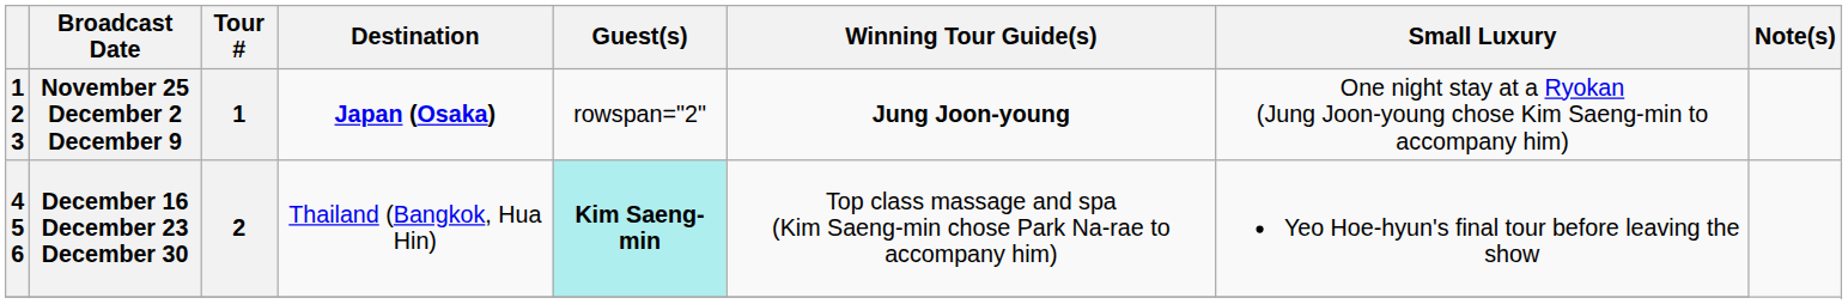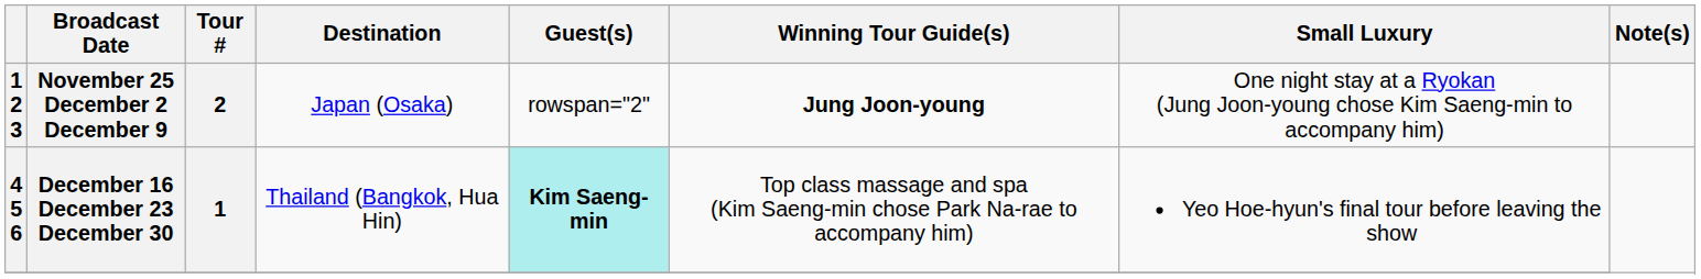 <table Class ="wikitable" style="text-align:center">
 <tr>
 <th></th>
 <th>Broadcast Date</th>
 <th>Tour #</th>
 <th>Destination</th>
 <th>Guest(s)</th>
 <th>Winning Tour Guide(s)</th>
 <th>Small Luxury</th>
 <th>Note(s)</th>
 </tr>
 <tr>
 <th>1<br>2<br>3</th>
 <th>November 25<br>December 2<br>December 9</th>
-<th>1</th>
-<td><strong><a href='#'>Japan</a> (<a href='#'>Osaka</a>)</strong></td>
+<th>2</th>
+<td><a href='#'>Japan</a> (<a href='#'>Osaka</a>)</td>
 <td>rowspan="2" </td>
 <td><strong>Jung Joon-young</strong></td>
 <td>One night stay at a <a href='#'>Ryokan</a><br>(Jung Joon-young chose Kim Saeng-min to accompany him)</td>
 <td></td>
 </tr>
 <tr>
 <th>4<br>5<br>6</th>
 <th>December 16<br>December 23<br>December 30</th>
-<th>2</th>
+<th>1</th>
 <td><a href='#'>Thailand</a> (<a href='#'>Bangkok</a>, Hua Hin)</td>
 <td style="background: paleturquoise;"><strong>Kim Saeng-min</strong></td>
 <td>Top class massage and spa<br>(Kim Saeng-min chose Park Na-rae to accompany him)</td>
 <td><br><ul><li>Yeo Hoe-hyun's final tour before leaving the show</li></ul></td>
 </tr>
 <tr>
 </tr>
 </table>
